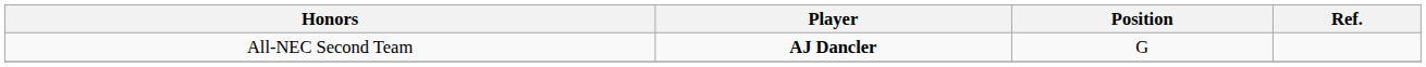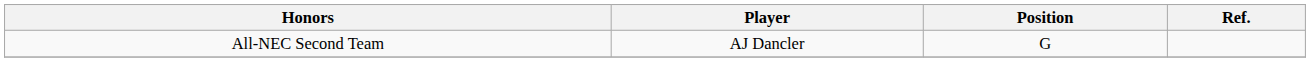 <table class="wikitable" style="width:100%; text-align: center;">
 <tr>
 <th style=>Honors</th>
 <th style=>Player</th>
 <th style=>Position</th>
 <th style=>Ref.</th>
 </tr>
 <tr align="center">
 <td>All-NEC Second Team</td>
-<td><strong>AJ Dancler</strong></td>
+<td>AJ Dancler</td>
 <td>G</td>
 <td></td>
 </tr>
 <tr>
 </tr>
 </table>
